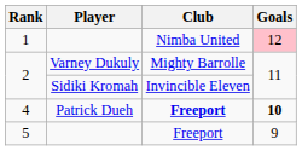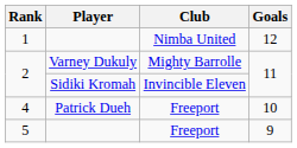 <table class="wikitable sortable" style="text-align:center">
 <tr>
 <th>Rank</th>
 <th>Player</th>
 <th>Club</th>
 <th>Goals</th>
 </tr>
 <tr>
 <td>1</td>
 <td></td>
 <td><a href='#'>Nimba United</a></td>
-<td style="background: pink;">12</td>
+<td>12</td>
 </tr>
 <tr>
 <td rowspan=2>2</td>
 <td><a href='#'>Varney Dukuly</a></td>
 <td><a href='#'>Mighty Barrolle</a></td>
 <td rowspan=2>11</td>
 </tr>
 <tr>
 <td><a href='#'>Sidiki Kromah</a></td>
 <td><a href='#'>Invincible Eleven</a></td>
 </tr>
 <tr>
 <td>4</td>
 <td><a href='#'>Patrick Dueh</a></td>
-<td><strong><a href='#'>Freeport</a></strong></td>
-<td><strong>10</strong></td>
+<td><a href='#'>Freeport</a></td>
+<td>10</td>
 </tr>
 <tr>
 <td>5</td>
 <td></td>
 <td><a href='#'>Freeport</a></td>
 <td>9</td>
 </tr>
 </table>
